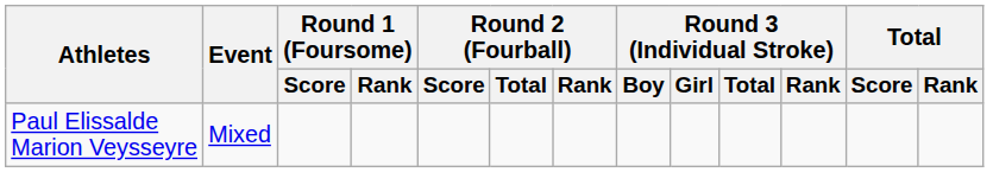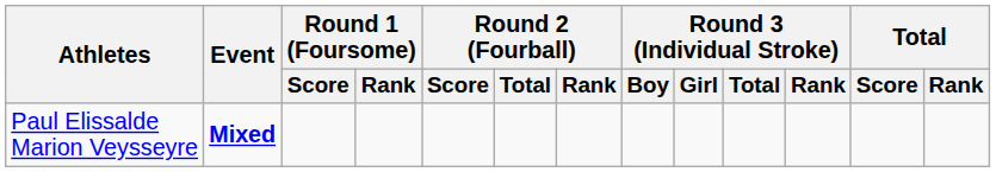 <table class="wikitable" style="font-size:90%">
 <tr>
 <th rowspan="2">Athletes</th>
 <th rowspan="2">Event</th>
 <th colspan="2">Round 1<br>(Foursome)</th>
 <th colspan="3">Round 2<br>(Fourball)</th>
 <th colspan="4">Round 3<br>(Individual Stroke)</th>
 <th colspan="2">Total</th>
 </tr>
 <tr style="font-size:95%">
 <th>Score</th>
 <th>Rank</th>
 <th>Score</th>
 <th>Total</th>
 <th>Rank</th>
 <th>Boy</th>
 <th>Girl</th>
 <th>Total</th>
 <th>Rank</th>
 <th>Score</th>
 <th>Rank</th>
 </tr>
 <tr align=center>
 <td align=left><a href='#'>Paul Elissalde</a><br><a href='#'>Marion Veysseyre</a></td>
-<td align=left><a href='#'>Mixed</a></td>
+<td align=left><strong><a href='#'>Mixed</a></strong></td>
 <td></td>
 <td></td>
 <td></td>
 <td></td>
 <td></td>
 <td></td>
 <td></td>
 <td></td>
 <td></td>
 <td></td>
 <td></td>
 </tr>
 </table>
